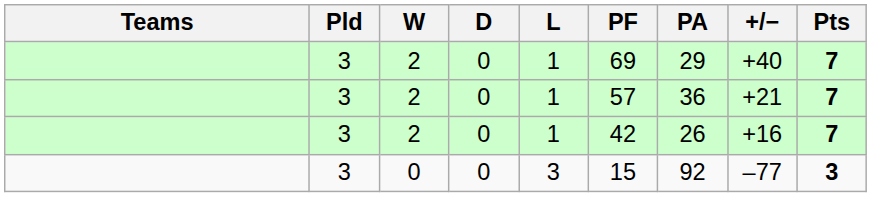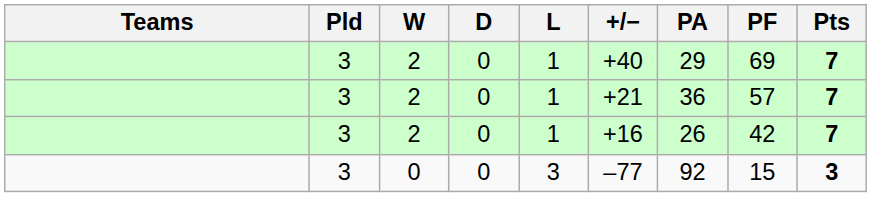 <table class="wikitable" style="text-align: center;">
 <tr>
 <th width="200">Teams</th>
 <th width="40">Pld</th>
 <th width="40">W</th>
 <th width="40">D</th>
 <th width="40">L</th>
+<th width="40">+/−</th>
+<th width="40">PA</th>
 <th width="40">PF</th>
-<th width="40">PA</th>
-<th width="40">+/−</th>
 <th width="40">Pts</th>
 </tr>
 <tr bgcolor=ccffcc>
 <td align=left></td>
 <td>3</td>
 <td>2</td>
 <td>0</td>
 <td>1</td>
+<td>+40</td>
+<td>29</td>
 <td>69</td>
-<td>29</td>
-<td>+40</td>
 <td><strong>7</strong></td>
 </tr>
 <tr bgcolor=ccffcc>
 <td align=left></td>
 <td>3</td>
 <td>2</td>
 <td>0</td>
 <td>1</td>
+<td>+21</td>
+<td>36</td>
 <td>57</td>
-<td>36</td>
-<td>+21</td>
 <td><strong>7</strong></td>
 </tr>
 <tr bgcolor=ccffcc>
 <td align=left></td>
 <td>3</td>
 <td>2</td>
 <td>0</td>
 <td>1</td>
+<td>+16</td>
+<td>26</td>
 <td>42</td>
-<td>26</td>
-<td>+16</td>
 <td><strong>7</strong></td>
 </tr>
 <tr>
 <td align=left></td>
 <td>3</td>
 <td>0</td>
 <td>0</td>
 <td>3</td>
+<td>–77</td>
+<td>92</td>
 <td>15</td>
-<td>92</td>
-<td>–77</td>
 <td><strong>3</strong></td>
 </tr>
 </table>
